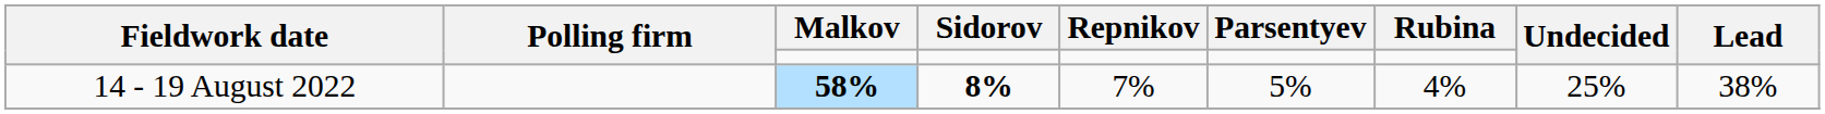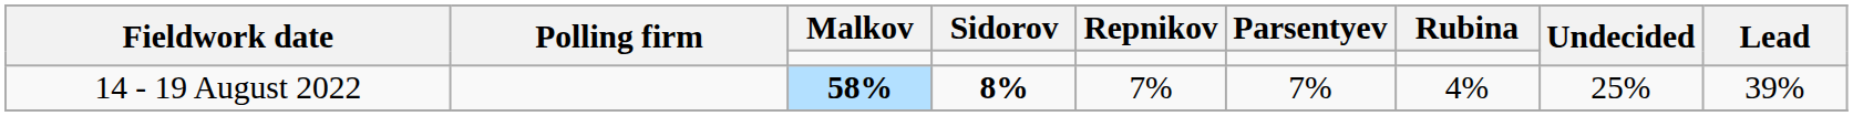 <table class=wikitable style="font-size:95%; line-height:14px; text-align:center">
 <tr>
 <th style=width:200px; rowspan=2>Fieldwork date</th>
 <th style=width:150px; rowspan=2>Polling firm</th>
 <th style="width:60px;">Malkov</th>
 <th style="width:60px;">Sidorov</th>
 <th style="width:60px;">Repnikov</th>
 <th style="width:60px;">Parsentyev</th>
 <th style="width:60px;">Rubina</th>
 <th style="width:60px;" rowspan=2>Undecided</th>
 <th style="width:60px;" rowspan="2">Lead</th>
 </tr>
 <tr>
 <td bgcolor=></td>
 <td bgcolor=></td>
 <td bgcolor=></td>
 <td bgcolor=></td>
 <td bgcolor=></td>
 </tr>
 <tr>
 <td>14 - 19 August 2022</td>
 <td></td>
 <td style="background:#B3E0FF"><strong>58%</strong></td>
 <td><strong>8%</strong></td>
 <td>7%</td>
-<td>5%</td>
+<td>7%</td>
 <td>4%</td>
 <td>25%</td>
-<td style="background:">38%</td>
+<td style="background:">39%</td>
 </tr>
 <tr>
 </tr>
 </table>
